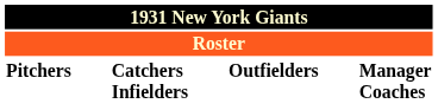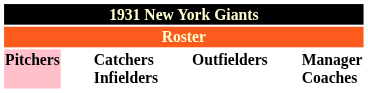 <table class="toccolours" style="font-size: 95%;">
 <tr>
 <th colspan="10" style="background-color: black; color: #FFFDD0; text-align: center;">1931 New York Giants</th>
 </tr>
 <tr>
 <td colspan="10" style="background-color: #fd5a1e; color: #FFFDD0; text-align: center;"><strong>Roster</strong></td>
 </tr>
 <tr>
-<td valign="top"><strong>Pitchers</strong><br>                    </td>
+<td valign="top" style="background: pink;"><strong>Pitchers</strong><br>                    </td>
 <td width="25px"></td>
 <td valign="top"><strong>Catchers</strong><br>   <strong>Infielders</strong>              </td>
 <td width="25px"></td>
 <td valign="top"><strong>Outfielders</strong><br>       </td>
 <td width="25px"></td>
 <td valign="top"><strong>Manager</strong><br> <strong>Coaches</strong>    </td>
 </tr>
 </table>
